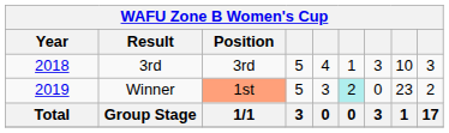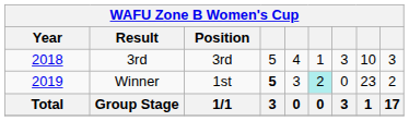 <table class="wikitable" style="text-align:center;">
 <tr>
 <th colspan="9"><a href='#'>WAFU Zone B Women's Cup</a></th>
 </tr>
 <tr>
 <th style="width:90px;">Year</th>
 <th style="width:100px;">Result</th>
 <th style="width:80px;">Position</th>
 <th style="width:20px;"></th>
 <th style="width:20px;"></th>
 <th style="width:20px;"></th>
 <th style="width:20px;"></th>
 <th style="width:20px;"></th>
 <th style="width:20px;"></th>
 </tr>
 <tr>
 <td> <a href='#'>2018</a></td>
 <td>3rd</td>
 <td>3rd</td>
 <td>5</td>
 <td>4</td>
 <td>1</td>
 <td>3</td>
 <td>10</td>
 <td>3</td>
 </tr>
 <tr>
 <td> <a href='#'>2019</a></td>
 <td>Winner</td>
-<td style="background: lightsalmon;">1st</td>
-<td>5</td>
+<td>1st</td>
+<td><strong>5</strong></td>
 <td>3</td>
 <td style="background: paleturquoise;">2</td>
 <td>0</td>
 <td>23</td>
 <td>2</td>
 </tr>
 <tr>
 <th>Total</th>
 <th>Group Stage</th>
 <th>1/1</th>
 <th>3</th>
 <th>0</th>
 <th>0</th>
 <th>3</th>
 <th>1</th>
 <th>17</th>
 </tr>
 <tr>
 </tr>
 </table>
